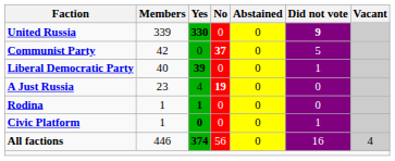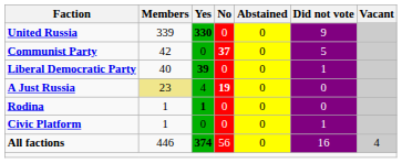 <table class="wikitable">
 <tr>
 <th>Faction</th>
 <th>Members</th>
 <th><strong>Yes</strong></th>
 <th>No</th>
 <th>Abstained</th>
 <th>Did not vote</th>
 <th>Vacant</th>
 </tr>
 <tr ---->
 <td><strong><a href='#'>United Russia</a></strong></td>
 <td style="text-align:center;">339</td>
 <td style="text-align:center;background-color:#00B000;"><strong>330</strong></td>
 <td style="text-align:center;background-color:red;color:white;">0</td>
 <td style="text-align:center;background-color:yellow;">0</td>
-<td style="text-align:center;background-color:purple;color:white;"><strong>9</strong></td>
+<td style="text-align:center;background-color:purple;color:white;">9</td>
 <td style="text-align:center;background-color:#cccccc;"></td>
 </tr>
 <tr ---->
 <td><strong><a href='#'>Communist Party</a></strong></td>
 <td style="text-align:center;">42</td>
 <td style="text-align:center;background-color:#00B000;">0</td>
 <td style="text-align:center;background-color:red;color:white;"><strong>37</strong></td>
 <td style="text-align:center;background-color:yellow;">0</td>
 <td style="text-align:center;background-color:purple;color:white;">5</td>
 <td style="text-align:center;background-color:#cccccc;"></td>
 </tr>
 <tr ---->
 <td><strong><a href='#'>Liberal Democratic Party</a></strong></td>
 <td style="text-align:center;">40</td>
 <td style="text-align:center;background-color:#00B000;"><strong>39</strong></td>
 <td style="text-align:center;background-color:red;color:white;">0</td>
 <td style="text-align:center;background-color:yellow;">0</td>
 <td style="text-align:center;background-color:purple;color:white;">1</td>
 <td style="text-align:center;background-color:#cccccc;"></td>
 </tr>
 <tr ---->
 <td><strong><a href='#'>A Just Russia</a></strong></td>
-<td style="text-align:center;">23</td>
+<td style="background: khaki; text-align:center;">23</td>
 <td style="text-align:center;background-color:#00B000;">4</td>
 <td style="text-align:center;background-color:red;color:white;"><strong>19</strong></td>
 <td style="text-align:center;background-color:yellow;">0</td>
 <td style="text-align:center;background-color:purple;color:white;">0</td>
 <td style="text-align:center;background-color:#cccccc;"></td>
 </tr>
 <tr ---->
 <td><strong><a href='#'>Rodina</a></strong></td>
 <td style="text-align:center;">1</td>
 <td style="text-align:center;background-color:#00B000;"><strong>1</strong></td>
 <td style="text-align:center;background-color:red;color:white;">0</td>
 <td style="text-align:center;background-color:yellow;">0</td>
 <td style="text-align:center;background-color:purple;color:white;">0</td>
 <td style="text-align:center;background-color:#cccccc;"></td>
 </tr>
 <tr ---->
 <td><strong><a href='#'>Civic Platform</a></strong></td>
 <td style="text-align:center;">1</td>
-<td style="text-align:center;background-color:#00B000;"><strong>0</strong></td>
+<td style="text-align:center;background-color:#00B000;">0</td>
 <td style="text-align:center;background-color:red;color:white;">0</td>
 <td style="text-align:center;background-color:yellow;">0</td>
 <td style="text-align:center;background-color:purple;color:white;">1</td>
 <td style="text-align:center;background-color:#cccccc;"></td>
 </tr>
 <tr ---->
 <td><strong>All factions</strong></td>
 <td style="text-align:center;">446</td>
 <td style="text-align:center;background-color:#00B000;"><strong>374</strong></td>
 <td style="text-align:center;background-color:red;color:white;">56</td>
 <td style="text-align:center;background-color:yellow;">0</td>
 <td style="text-align:center;background-color:purple;color:white;">16</td>
 <td style="text-align:center;background-color:#cccccc;">4</td>
 </tr>
 <tr ---->
 <td colspan=7></td>
 </tr>
 </table>
